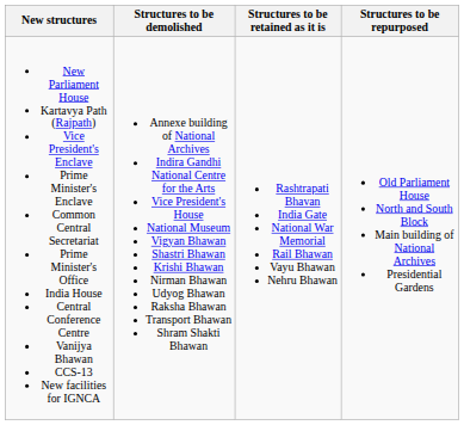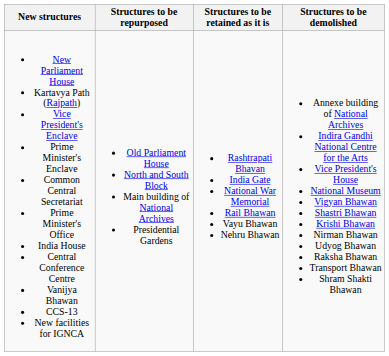 <table class="wikitable sortable" style="width:100%; text-align:center;">
 <tr>
 <th>New structures</th>
+<th>Structures to be repurposed</th>
+<th>Structures to be retained as it is</th>
 <th>Structures to be demolished</th>
-<th>Structures to be retained as it is</th>
-<th>Structures to be repurposed</th>
 </tr>
 <tr>
 <td><br><ul><li><a href='#'>New Parliament House</a></li><li>Kartavya Path          (<a href='#'>Rajpath</a>)</li><li><a href='#'>Vice President's Enclave</a></li><li>Prime Minister's Enclave</li><li>Common Central Secretariat</li><li>Prime Minister's Office</li><li>India House</li><li>Central Conference Centre</li><li>Vanijya Bhawan</li><li>CCS-13</li><li>New facilities for IGNCA</li></ul></td>
+<td><br><ul><li><a href='#'>Old Parliament House</a></li><li><a href='#'>North and South Block</a></li><li>Main building of <a href='#'>National Archives</a></li><li>Presidential Gardens</li></ul></td>
+<td><br><ul><li><a href='#'>Rashtrapati Bhavan</a></li><li><a href='#'>India Gate</a></li><li><a href='#'>National War Memorial</a></li><li><a href='#'>Rail Bhawan</a></li><li>Vayu Bhawan</li><li>Nehru Bhawan</li></ul></td>
 <td><br><ul><li>Annexe building of <a href='#'>National Archives</a></li><li><a href='#'>Indira Gandhi National Centre for the Arts</a></li><li><a href='#'>Vice President's House</a></li><li><a href='#'>National Museum</a></li><li><a href='#'>Vigyan Bhawan</a></li><li><a href='#'>Shastri Bhawan</a></li><li><a href='#'>Krishi Bhawan</a></li><li>Nirman Bhawan</li><li>Udyog Bhawan</li><li>Raksha Bhawan</li><li>Transport Bhawan</li><li>Shram Shakti Bhawan</li></ul></td>
-<td><br><ul><li><a href='#'>Rashtrapati Bhavan</a></li><li><a href='#'>India Gate</a></li><li><a href='#'>National War Memorial</a></li><li><a href='#'>Rail Bhawan</a></li><li>Vayu Bhawan</li><li>Nehru Bhawan</li></ul></td>
-<td><br><ul><li><a href='#'>Old Parliament House</a></li><li><a href='#'>North and South Block</a></li><li>Main building of <a href='#'>National Archives</a></li><li>Presidential Gardens</li></ul></td>
 </tr>
 </table>
